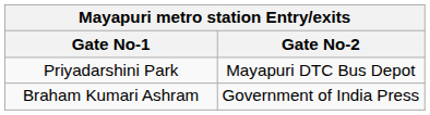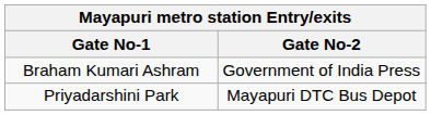 <table class="wikitable" style="text-align: center;" width="65%">
 <tr>
 <th colspan="2" align="center" style="background:#"><span>Mayapuri metro station Entry/exits</span></th>
 </tr>
 <tr>
 <th style="width:15%;">Gate No-1 </th>
 <th style="width:15%;">Gate No-2 </th>
 </tr>
 <tr>
+<td>Braham Kumari Ashram</td>
+<td>Government of India Press</td>
+</tr>
+<tr>
 <td>Priyadarshini Park</td>
 <td>Mayapuri DTC Bus Depot</td>
 </tr>
-<tr>
-<td>Braham Kumari Ashram</td>
-<td>Government of India Press</td>
-</tr>
 </table>
